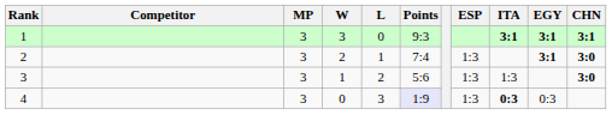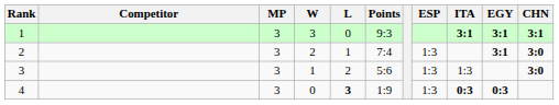 <table class="wikitable" style="text-align:center">
 <tr>
 <th>Rank</th>
 <th style="width:18em">Competitor</th>
 <th style="width:2.5em">MP</th>
 <th style="width:2.5em">W</th>
 <th style="width:2.5em">L</th>
 <th>Points</th>
 <th rowspan="5"> </th>
 <th style="width:2.5em">ESP</th>
 <th style="width:2.5em">ITA</th>
 <th style="width:2.5em">EGY</th>
 <th style="width:2.5em">CHN</th>
 </tr>
 <tr style="background:#cfc;">
 <td>1</td>
 <td style="text-align:left"></td>
 <td>3</td>
 <td>3</td>
 <td>0</td>
 <td>9:3</td>
 <td></td>
 <td><strong>3:1</strong></td>
 <td><strong>3:1</strong></td>
 <td><strong>3:1</strong></td>
 </tr>
 <tr>
 <td>2</td>
 <td style="text-align:left"></td>
 <td>3</td>
 <td>2</td>
 <td>1</td>
 <td>7:4</td>
 <td>1:3</td>
 <td></td>
 <td><strong>3:1</strong></td>
 <td><strong>3:0</strong></td>
 </tr>
 <tr>
 <td>3</td>
 <td style="text-align:left"></td>
 <td>3</td>
 <td>1</td>
 <td>2</td>
 <td>5:6</td>
 <td>1:3</td>
 <td>1:3</td>
 <td></td>
 <td><strong>3:0</strong></td>
 </tr>
 <tr>
 <td>4</td>
 <td style="text-align:left"></td>
 <td>3</td>
 <td>0</td>
-<td>3</td>
-<td style="background: lavender;">1:9</td>
+<td><strong>3</strong></td>
+<td>1:9</td>
 <td>1:3</td>
 <td><strong>0:3</strong></td>
-<td>0:3</td>
+<td><strong>0:3</strong></td>
 <td></td>
 </tr>
 </table>
